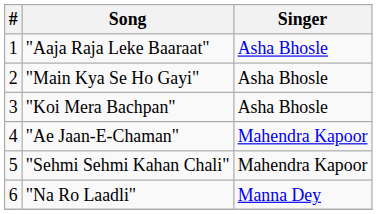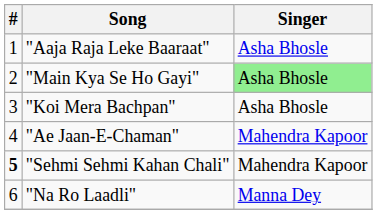 <table class="wikitable" style="font-size:95%;">
 <tr>
 <th>#</th>
 <th>Song</th>
 <th>Singer</th>
 </tr>
 <tr>
 <td>1</td>
 <td>"Aaja Raja Leke Baaraat"</td>
 <td><a href='#'>Asha Bhosle</a></td>
 </tr>
 <tr>
 <td>2</td>
 <td>"Main Kya Se Ho Gayi"</td>
-<td>Asha Bhosle</td>
+<td style="background: lightgreen;">Asha Bhosle</td>
 </tr>
 <tr>
 <td>3</td>
 <td>"Koi Mera Bachpan"</td>
 <td>Asha Bhosle</td>
 </tr>
 <tr>
 <td>4</td>
 <td>"Ae Jaan-E-Chaman"</td>
 <td><a href='#'>Mahendra Kapoor</a></td>
 </tr>
 <tr>
-<td>5</td>
+<td><strong>5</strong></td>
 <td>"Sehmi Sehmi Kahan Chali"</td>
 <td>Mahendra Kapoor</td>
 </tr>
 <tr>
 <td>6</td>
 <td>"Na Ro Laadli"</td>
 <td><a href='#'>Manna Dey</a></td>
 </tr>
 <tr>
 </tr>
 </table>
